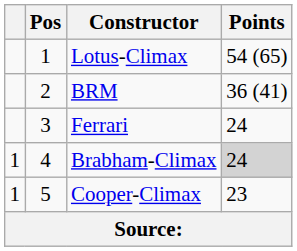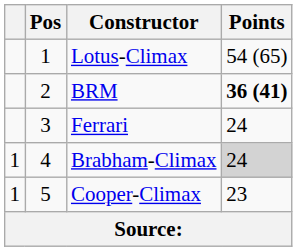 <table class="wikitable" style="font-size: 95%;">
 <tr>
 <th></th>
 <th>Pos</th>
 <th>Constructor</th>
 <th>Points</th>
 </tr>
 <tr>
 <td align="left"></td>
 <td align="center">1</td>
 <td> <a href='#'>Lotus</a>-<a href='#'>Climax</a></td>
 <td align=left>54 (65)</td>
 </tr>
 <tr>
 <td align="left"></td>
 <td align="center">2</td>
 <td> <a href='#'>BRM</a></td>
-<td align=left>36 (41)</td>
+<td align=left><strong>36 (41)</strong></td>
 </tr>
 <tr>
 <td align="left"></td>
 <td align="center">3</td>
 <td> <a href='#'>Ferrari</a></td>
 <td align=left>24</td>
 </tr>
 <tr>
 <td align="left"> 1</td>
 <td align="center">4</td>
 <td> <a href='#'>Brabham</a>-<a href='#'>Climax</a></td>
 <td align=left style="background: lightgrey;">24</td>
 </tr>
 <tr>
 <td align="left"> 1</td>
 <td align="center">5</td>
 <td> <a href='#'>Cooper</a>-<a href='#'>Climax</a></td>
 <td align=left>23</td>
 </tr>
 <tr>
 <th colspan=4>Source: </th>
 </tr>
 </table>
